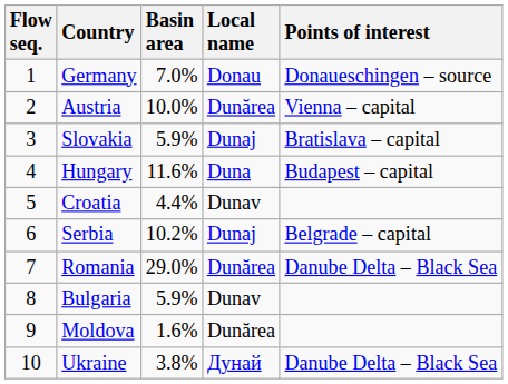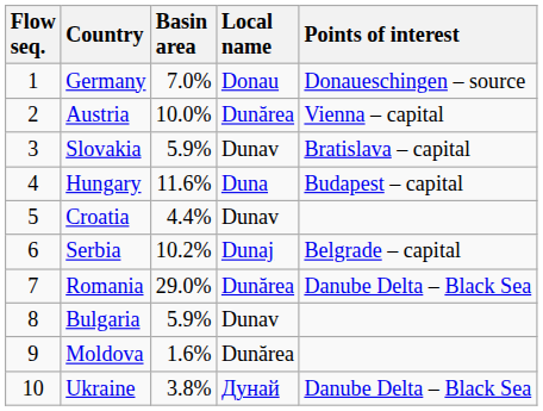 <table class="wikitable sortable" style="border-collapse: collapse;">
 <tr>
 <th style="text-align:left">Flow<br>seq.</th>
 <th style="text-align:left">Country</th>
 <th style="text-align:left">Basin<br>area</th>
 <th style="text-align:left">Local<br>name</th>
 <th style="text-align:left">Points of interest</th>
 </tr>
 <tr>
 <td style="text-align:center">1</td>
 <td><a href='#'>Germany</a></td>
 <td style="text-align:right">7.0%</td>
 <td><a href='#'>Donau</a></td>
 <td><a href='#'>Donaueschingen</a> – source</td>
 </tr>
 <tr>
 <td style="text-align:center">2</td>
 <td><a href='#'>Austria</a></td>
 <td style="text-align:right">10.0%</td>
 <td><a href='#'>Dunărea</a></td>
 <td><a href='#'>Vienna</a> – capital</td>
 </tr>
 <tr>
 <td style="text-align:center">3</td>
 <td><a href='#'>Slovakia</a></td>
 <td style="text-align:right">5.9%</td>
-<td><a href='#'>Dunaj</a></td>
+<td>Dunav</td>
 <td><a href='#'>Bratislava</a> – capital</td>
 </tr>
 <tr>
 <td style="text-align:center">4</td>
 <td><a href='#'>Hungary</a></td>
 <td style="text-align:right">11.6%</td>
 <td><a href='#'>Duna</a></td>
 <td><a href='#'>Budapest</a> – capital</td>
 </tr>
 <tr>
 <td style="text-align:center">5</td>
 <td><a href='#'>Croatia</a></td>
 <td style="text-align:right">4.4%</td>
 <td>Dunav</td>
 <td></td>
 </tr>
 <tr>
 <td style="text-align:center">6</td>
 <td><a href='#'>Serbia</a></td>
 <td style="text-align:right">10.2%</td>
 <td><a href='#'>Dunaj</a></td>
 <td><a href='#'>Belgrade</a> – capital</td>
 </tr>
 <tr>
 <td style="text-align:center">7</td>
 <td><a href='#'>Romania</a></td>
 <td style="text-align:right">29.0%</td>
 <td><a href='#'>Dunărea</a></td>
 <td><a href='#'>Danube Delta</a> – <a href='#'>Black Sea</a></td>
 </tr>
 <tr>
 <td style="text-align:center">8</td>
 <td><a href='#'>Bulgaria</a></td>
 <td style="text-align:right">5.9%</td>
 <td>Dunav</td>
 <td></td>
 </tr>
 <tr>
 <td style="text-align:center">9</td>
 <td><a href='#'>Moldova</a></td>
 <td style="text-align:right">1.6%</td>
 <td>Dunărea</td>
 <td></td>
 </tr>
 <tr>
 <td style="text-align:center">10</td>
 <td><a href='#'>Ukraine</a></td>
 <td style="text-align:right">3.8%</td>
 <td><a href='#'>Дунай</a></td>
 <td><a href='#'>Danube Delta</a> – <a href='#'>Black Sea</a></td>
 </tr>
 </table>
